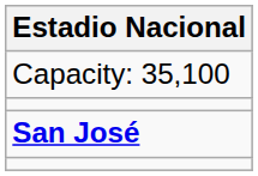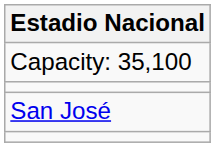 <table class="wikitable">
 <tr>
 <th>Estadio Nacional</th>
 </tr>
 <tr>
 <td>Capacity: 35,100</td>
 </tr>
 <tr>
 <td></td>
 </tr>
 <tr>
-<td><strong><a href='#'>San José</a></strong></td>
+<td><a href='#'>San José</a></td>
 </tr>
 <tr>
 <td></td>
 </tr>
 </table>
